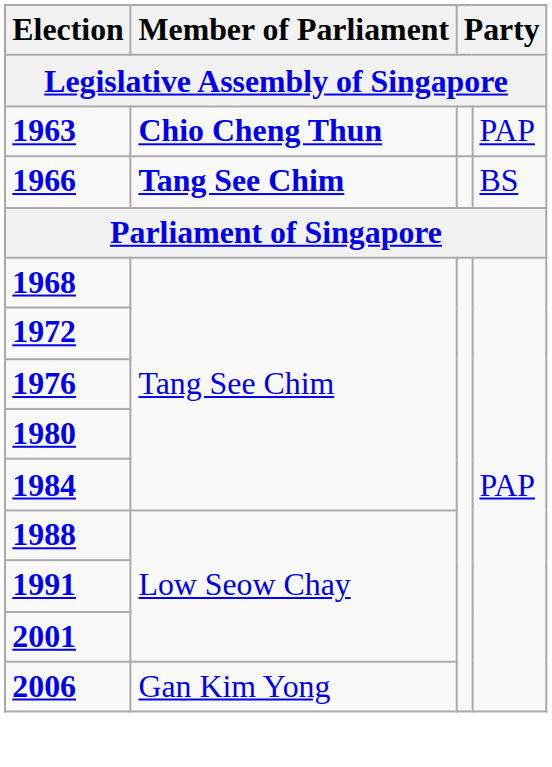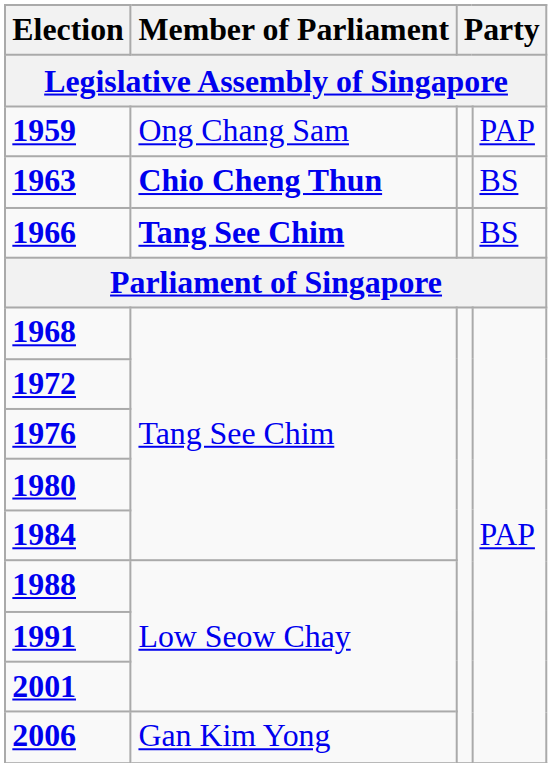 <table class="wikitable">
 <tr>
 <th>Election</th>
 <th>Member of Parliament</th>
 <th colspan="2">Party</th>
 </tr>
 <tr>
 <th colspan="4"><a href='#'>Legislative Assembly of Singapore</a></th>
 </tr>
 <tr>
+<td><a href='#'><strong>1959</strong></a></td>
+<td><a href='#'>Ong Chang Sam</a></td>
+<td></td>
+<td><a href='#'>PAP</a></td>
+</tr>
+<tr>
 <td><a href='#'><strong>1963</strong></a></td>
 <td><strong><a href='#'>Chio Cheng Thun</a></strong></td>
 <td></td>
-<td><a href='#'>PAP</a></td>
+<td><a href='#'>BS</a></td>
 </tr>
 <tr>
 <td><a href='#'><strong>1966</strong></a></td>
 <td><strong><a href='#'>Tang See Chim</a></strong></td>
 <td></td>
 <td><a href='#'>BS</a></td>
 </tr>
 <tr>
 <th colspan="4"><a href='#'>Parliament of Singapore</a></th>
 </tr>
 <tr>
 <td><a href='#'><strong>1968</strong></a></td>
 <td rowspan="5"><a href='#'>Tang See Chim</a></td>
 <td rowspan="9"></td>
 <td rowspan="9"><a href='#'>PAP</a></td>
 </tr>
 <tr>
 <td><a href='#'><strong>1972</strong></a></td>
 </tr>
 <tr>
 <td><a href='#'><strong>1976</strong></a></td>
 </tr>
 <tr>
 <td><a href='#'><strong>1980</strong></a></td>
 </tr>
 <tr>
 <td><a href='#'><strong>1984</strong></a></td>
 </tr>
 <tr>
 <td><a href='#'><strong>1988</strong></a></td>
 <td rowspan="3"><a href='#'>Low Seow Chay</a></td>
 </tr>
 <tr>
 <td><a href='#'><strong>1991</strong></a></td>
 </tr>
 <tr>
 <td><a href='#'><strong>2001</strong></a></td>
 </tr>
 <tr>
 <td><a href='#'><strong>2006</strong></a></td>
 <td><a href='#'>Gan Kim Yong</a></td>
 </tr>
 </table>
